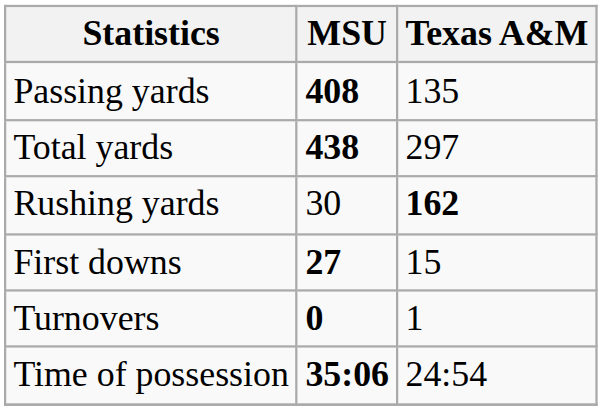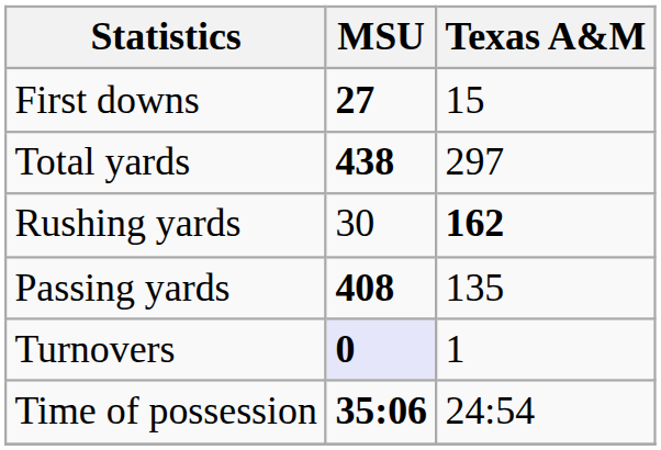 <table class="wikitable" style="float: left;">
 <tr>
 <th>Statistics</th>
 <th>MSU</th>
 <th>Texas A&M</th>
 </tr>
 <tr>
-<td>Passing yards</td>
-<td><strong>408</strong></td>
-<td>135</td>
+<td>First downs</td>
+<td><strong>27</strong></td>
+<td>15</td>
 </tr>
 <tr>
 <td>Total yards</td>
 <td><strong>438</strong></td>
 <td>297</td>
 </tr>
 <tr>
 <td>Rushing yards</td>
 <td>30</td>
 <td><strong>162</strong></td>
 </tr>
 <tr>
-<td>First downs</td>
-<td><strong>27</strong></td>
-<td>15</td>
+<td>Passing yards</td>
+<td><strong>408</strong></td>
+<td>135</td>
 </tr>
 <tr>
 <td>Turnovers</td>
-<td><strong>0</strong></td>
+<td style="background: lavender;"><strong>0</strong></td>
 <td>1</td>
 </tr>
 <tr>
 <td>Time of possession</td>
 <td><strong>35:06</strong></td>
 <td>24:54</td>
 </tr>
 <tr>
 </tr>
 </table>
